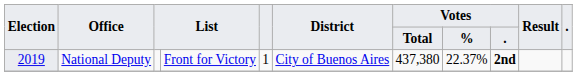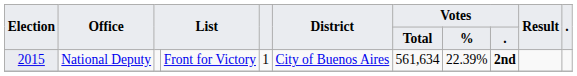 <table class="wikitable" style="font-size:90%; text-align:center;">
 <tr>
 <th style="background-color:#EAECF0;" rowspan=2>Election</th>
 <th style="background-color:#EAECF0;" rowspan=2>Office</th>
 <th style="background-color:#EAECF0;" colspan=2 rowspan=2>List</th>
 <th style="background-color:#EAECF0;" rowspan=2></th>
 <th style="background-color:#EAECF0;" rowspan=2>District</th>
 <th style="background-color:#EAECF0;" colspan=3>Votes</th>
 <th style="background-color:#EAECF0;" rowspan=2>Result</th>
 <th style="background-color:#EAECF0;" rowspan=2>.</th>
 </tr>
 <tr>
 <th style="background-color:#EAECF0;">Total</th>
 <th style="background-color:#EAECF0;">%</th>
 <th style="background-color:#EAECF0;">.</th>
 </tr>
 <tr>
-<td style="background-color:#EAECF0;"><a href='#'>2019</a></td>
+<td style="background-color:#EAECF0;"><a href='#'>2015</a></td>
 <td><a href='#'>National Deputy</a></td>
 <td style="background-color:"></td>
 <td><a href='#'>Front for Victory</a></td>
 <td>1</td>
 <td><a href='#'>City of Buenos Aires</a></td>
-<td>437,380</td>
-<td>22.37%</td>
+<td>561,634</td>
+<td>22.39%</td>
 <td><strong>2nd</strong></td>
 <td></td>
 <td></td>
 </tr>
 <tr>
 </tr>
 </table>
